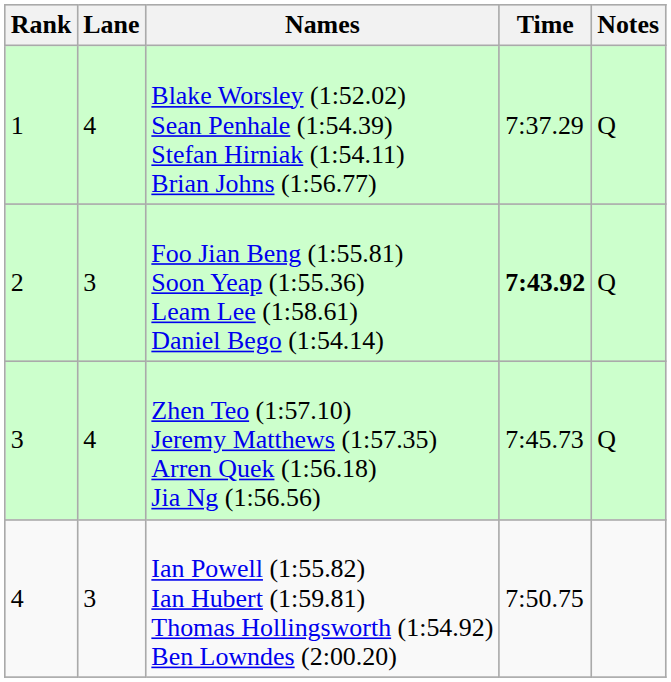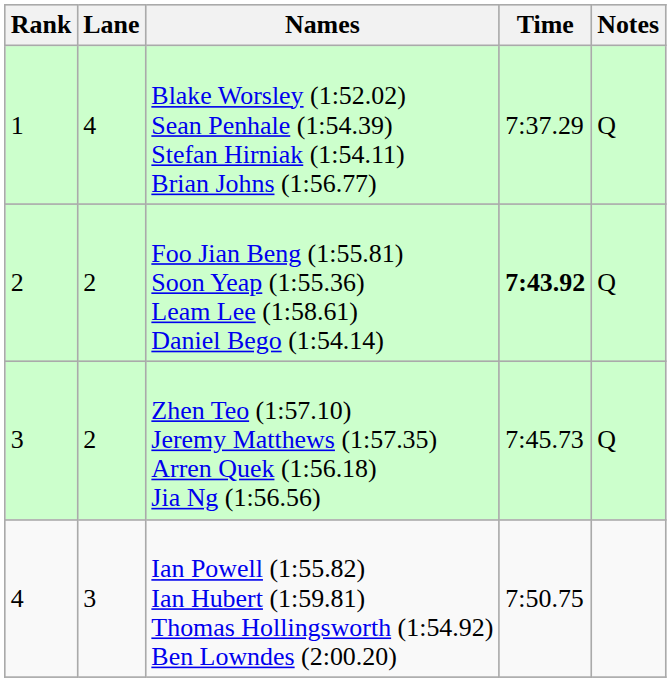 <table class="wikitable">
 <tr>
 <th>Rank</th>
 <th>Lane</th>
 <th>Names</th>
 <th>Time</th>
 <th>Notes</th>
 </tr>
 <tr style="background:#cfc;">
 <td>1</td>
 <td>4</td>
 <td><br><a href='#'>Blake Worsley</a> (1:52.02)<br><a href='#'>Sean Penhale</a> (1:54.39)<br><a href='#'>Stefan Hirniak</a> (1:54.11)<br><a href='#'>Brian Johns</a> (1:56.77)</td>
 <td>7:37.29</td>
 <td>Q</td>
 </tr>
 <tr style="background:#cfc;">
 <td>2</td>
-<td>3</td>
+<td>2</td>
 <td><br><a href='#'>Foo Jian Beng</a> (1:55.81)<br><a href='#'>Soon Yeap</a> (1:55.36)<br><a href='#'>Leam Lee</a> (1:58.61)<br><a href='#'>Daniel Bego</a> (1:54.14)</td>
 <td><strong>7:43.92</strong></td>
 <td>Q</td>
 </tr>
 <tr style="background:#cfc;">
 <td>3</td>
-<td>4</td>
+<td>2</td>
 <td><br><a href='#'>Zhen Teo</a> (1:57.10)<br><a href='#'>Jeremy Matthews</a> (1:57.35)<br><a href='#'>Arren Quek</a> (1:56.18)<br><a href='#'>Jia Ng</a> (1:56.56)</td>
 <td>7:45.73</td>
 <td>Q</td>
 </tr>
 <tr>
 <td>4</td>
 <td>3</td>
 <td><br><a href='#'>Ian Powell</a> (1:55.82)<br><a href='#'>Ian Hubert</a> (1:59.81)<br><a href='#'>Thomas Hollingsworth</a> (1:54.92)<br><a href='#'>Ben Lowndes</a> (2:00.20)</td>
 <td>7:50.75</td>
 <td></td>
 </tr>
 </table>
